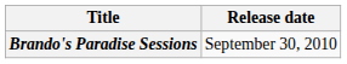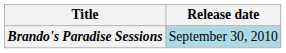 <table class="wikitable plainrowheaders">
 <tr>
 <th scope="col">Title</th>
 <th scope="col">Release date</th>
 </tr>
 <tr>
 <th scope="row"><em>Brando's Paradise Sessions</em></th>
-<td>September 30, 2010</td>
+<td style="background: lightblue;">September 30, 2010</td>
 </tr>
 </table>
